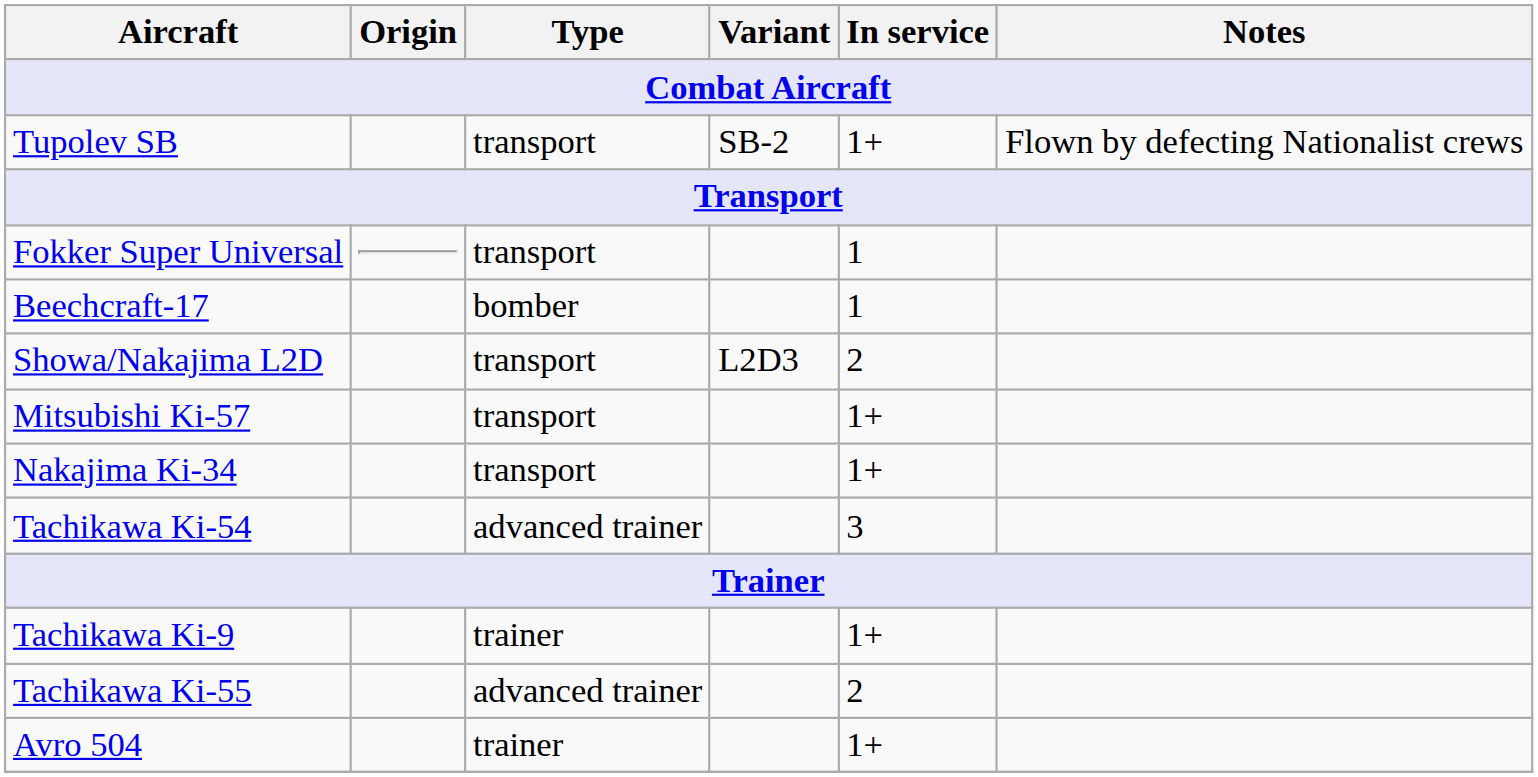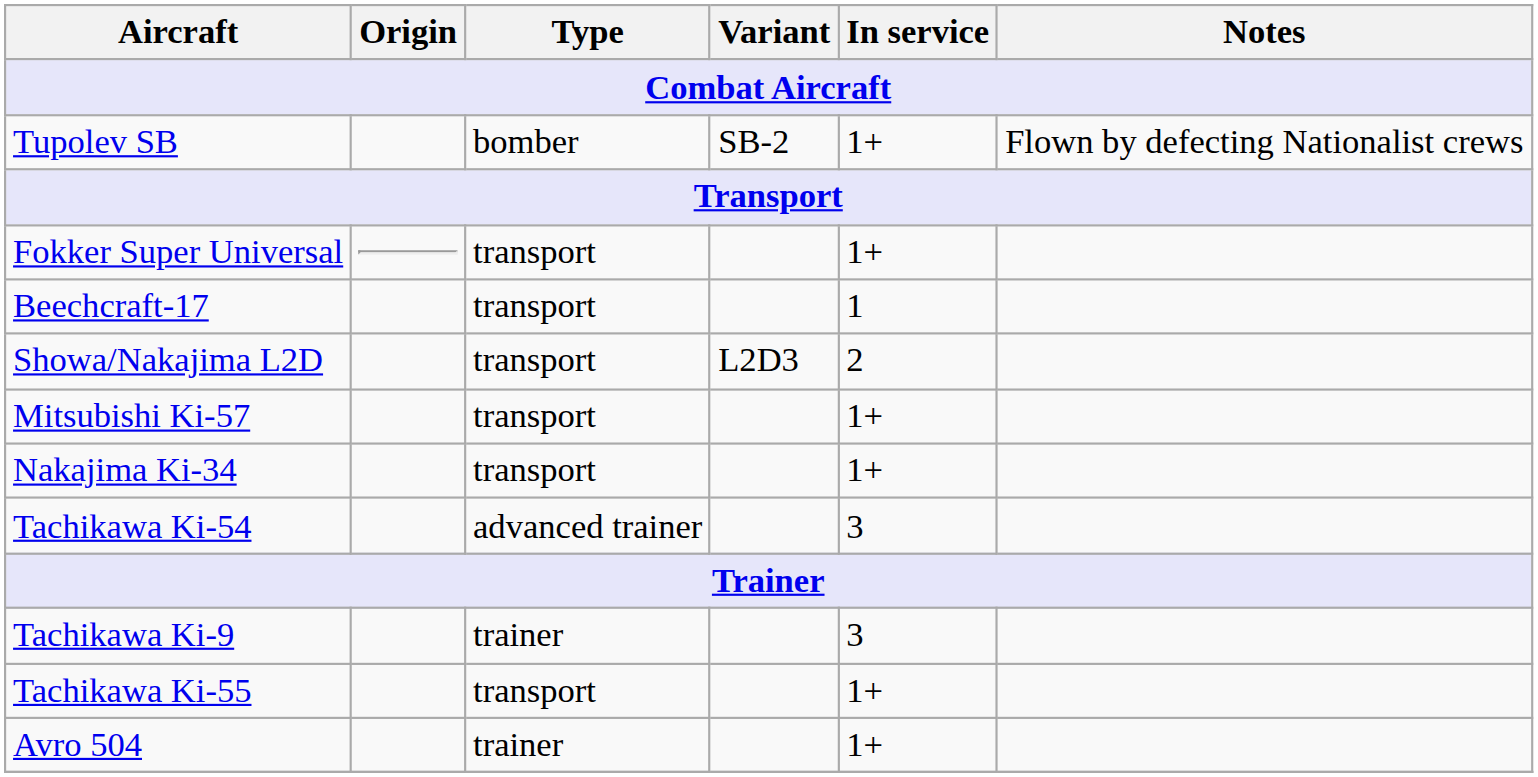 <table class="wikitable">
 <tr>
 <th style="text-align:center;">Aircraft</th>
 <th style="text-align: center; ">Origin</th>
 <th style="text-align:l center; ;">Type</th>
 <th style="text-align:left; ">Variant</th>
 <th style="text-align:center; ">In service</th>
 <th style="text-align: center; ">Notes</th>
 </tr>
 <tr>
 <th style="align: center; background: lavender;" colspan="7"><a href='#'>Combat Aircraft</a></th>
 </tr>
 <tr>
 <td><a href='#'>Tupolev SB</a></td>
 <td></td>
-<td>transport</td>
+<td>bomber</td>
 <td>SB-2</td>
 <td>1+</td>
 <td>Flown by defecting Nationalist crews</td>
 </tr>
 <tr>
 <th style="align: center; background: lavender;" colspan="7"><a href='#'>Transport</a></th>
 </tr>
 <tr>
 <td><a href='#'>Fokker Super Universal</a></td>
 <td><hr></td>
 <td>transport</td>
 <td></td>
-<td>1</td>
+<td>1+</td>
 <td></td>
 </tr>
 <tr>
 <td><a href='#'>Beechcraft-17</a></td>
 <td></td>
-<td>bomber</td>
+<td>transport</td>
 <td></td>
 <td>1</td>
 <td></td>
 </tr>
 <tr>
 <td><a href='#'>Showa/Nakajima L2D</a></td>
 <td></td>
 <td>transport</td>
 <td>L2D3</td>
 <td>2</td>
 <td></td>
 </tr>
 <tr>
 <td><a href='#'>Mitsubishi Ki-57</a></td>
 <td></td>
 <td>transport</td>
 <td></td>
 <td>1+</td>
 <td></td>
 </tr>
 <tr>
 <td><a href='#'>Nakajima Ki-34</a></td>
 <td></td>
 <td>transport</td>
 <td></td>
 <td>1+</td>
 <td></td>
 </tr>
 <tr>
 <td><a href='#'>Tachikawa Ki-54</a></td>
 <td></td>
 <td>advanced trainer</td>
 <td></td>
 <td>3</td>
 <td></td>
 </tr>
 <tr>
 <th style="align: center; background: lavender;" colspan="7"><a href='#'>Trainer</a></th>
 </tr>
 <tr>
 <td><a href='#'>Tachikawa Ki-9</a></td>
 <td></td>
 <td>trainer</td>
 <td></td>
-<td>1+</td>
+<td>3</td>
 <td></td>
 </tr>
 <tr>
 <td><a href='#'>Tachikawa Ki-55</a></td>
 <td></td>
-<td>advanced trainer</td>
+<td>transport</td>
 <td></td>
-<td>2</td>
+<td>1+</td>
 <td></td>
 </tr>
 <tr>
 <td><a href='#'>Avro 504</a></td>
 <td></td>
 <td>trainer</td>
 <td></td>
 <td>1+</td>
 <td></td>
 </tr>
 <tr>
 </tr>
 </table>
